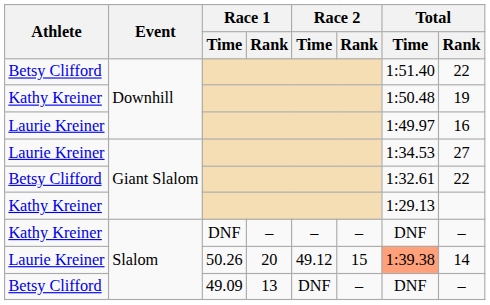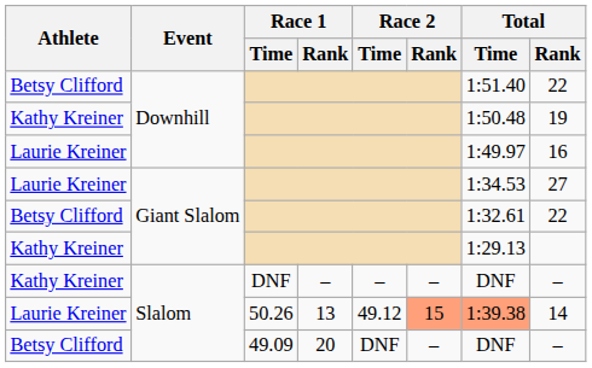 <table class="wikitable" style="font-size:90%">
 <tr>
 <th rowspan="2">Athlete</th>
 <th rowspan="2">Event</th>
 <th colspan="2">Race 1</th>
 <th colspan="2">Race 2</th>
 <th colspan="2">Total</th>
 </tr>
 <tr>
 <th>Time</th>
 <th>Rank</th>
 <th>Time</th>
 <th>Rank</th>
 <th>Time</th>
 <th>Rank</th>
 </tr>
 <tr>
 <td><a href='#'>Betsy Clifford</a></td>
 <td rowspan="3">Downhill</td>
 <td colspan="4" bgcolor="wheat"></td>
 <td align="center">1:51.40</td>
 <td align="center">22</td>
 </tr>
 <tr>
 <td><a href='#'>Kathy Kreiner</a></td>
 <td colspan="4" bgcolor="wheat"></td>
 <td align="center">1:50.48</td>
 <td align="center">19</td>
 </tr>
 <tr>
 <td><a href='#'>Laurie Kreiner</a></td>
 <td colspan="4" bgcolor="wheat"></td>
 <td align="center">1:49.97</td>
 <td align="center">16</td>
 </tr>
 <tr>
 <td><a href='#'>Laurie Kreiner</a></td>
 <td rowspan="3">Giant Slalom</td>
 <td colspan="4" bgcolor="wheat"></td>
 <td align="center">1:34.53</td>
 <td align="center">27</td>
 </tr>
 <tr>
 <td><a href='#'>Betsy Clifford</a></td>
 <td colspan="4" bgcolor="wheat"></td>
 <td align="center">1:32.61</td>
 <td align="center">22</td>
 </tr>
 <tr>
 <td><a href='#'>Kathy Kreiner</a></td>
 <td colspan="4" bgcolor="wheat"></td>
 <td align="center">1:29.13</td>
 <td align="center"></td>
 </tr>
 <tr>
 <td><a href='#'>Kathy Kreiner</a></td>
 <td rowspan="3">Slalom</td>
 <td align="center">DNF</td>
 <td align="center">–</td>
 <td align="center">–</td>
 <td align="center">–</td>
 <td align="center">DNF</td>
 <td align="center">–</td>
 </tr>
 <tr>
 <td><a href='#'>Laurie Kreiner</a></td>
 <td align="center">50.26</td>
-<td align="center">20</td>
+<td align="center">13</td>
 <td align="center">49.12</td>
-<td align="center">15</td>
+<td align="center" style="background: lightsalmon;">15</td>
 <td align="center" style="background: lightsalmon;">1:39.38</td>
 <td align="center">14</td>
 </tr>
 <tr>
 <td><a href='#'>Betsy Clifford</a></td>
 <td align="center">49.09</td>
-<td align="center">13</td>
+<td align="center">20</td>
 <td align="center">DNF</td>
 <td align="center">–</td>
 <td align="center">DNF</td>
 <td align="center">–</td>
 </tr>
 </table>
